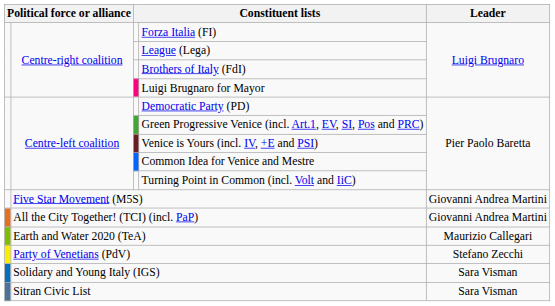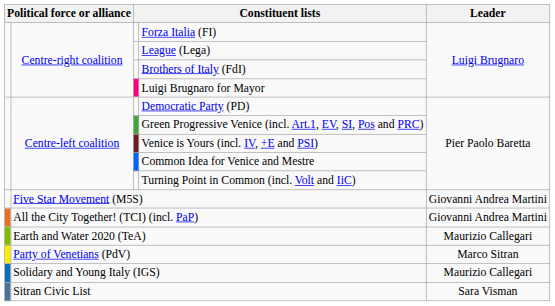 <table class=wikitable style=text-align:left>
 <tr>
 <th colspan=2>Political force or alliance</th>
 <th colspan=2>Constituent lists</th>
 <th>Leader</th>
 </tr>
 <tr>
 <td rowspan="4" style="background:"></td>
 <td rowspan=4 style="text-align:center;"><a href='#'>Centre-right coalition</a></td>
 <td></td>
 <td style="text-align:left;"><a href='#'>Forza Italia</a> (FI)</td>
 <td rowspan="4" style="text-align:center;"><a href='#'>Luigi Brugnaro</a></td>
 </tr>
 <tr>
 <td></td>
 <td style="text-align:left;"><a href='#'>League</a> (Lega)</td>
 </tr>
 <tr>
 <td></td>
 <td style="text-align:left;"><a href='#'>Brothers of Italy</a> (FdI)</td>
 </tr>
 <tr>
 <td bgcolor="#FE007F"></td>
 <td style="text-align:left;">Luigi Brugnaro for Mayor</td>
 </tr>
 <tr>
 <td rowspan="5" style="background-color:"></td>
 <td rowspan=5 style="text-align:center;"><a href='#'>Centre-left coalition</a></td>
 <td></td>
 <td style="text-align:left;"><a href='#'>Democratic Party</a> (PD)</td>
 <td rowspan=5 style="text-align:center;">Pier Paolo Baretta</td>
 </tr>
 <tr>
 <td bgcolor="#44A438"></td>
 <td style="text-align:left;">Green Progressive Venice (incl. <a href='#'>Art.1</a>, <a href='#'>EV</a>, <a href='#'>SI</a>, <a href='#'>Pos</a> and <a href='#'>PRC</a>)</td>
 </tr>
 <tr>
 <td bgcolor="6B1C23"></td>
 <td style="text-align:left;">Venice is Yours (incl. <a href='#'>IV</a>, <a href='#'>+E</a> and <a href='#'>PSI</a>)</td>
 </tr>
 <tr>
 <td bgcolor="#0264FD"></td>
 <td style="text-align:left;">Common Idea for Venice and Mestre</td>
 </tr>
 <tr>
 <td></td>
 <td style="text-align:left;">Turning Point in Common (incl. <a href='#'>Volt</a> and <a href='#'>IiC</a>)</td>
 </tr>
 <tr>
 <td style="background-color:"></td>
 <td colspan="3"><a href='#'>Five Star Movement</a> (M5S)</td>
 <td style="text-align:center;">Giovanni Andrea Martini</td>
 </tr>
 <tr>
 <td style="background-color:#E57022"></td>
 <td colspan="3">All the City Together! (TCI) (incl. <a href='#'>PaP</a>)</td>
 <td style="text-align:center;">Giovanni Andrea Martini</td>
 </tr>
 <tr>
 <td style="background-color:#80BC00"></td>
 <td colspan="3">Earth and Water 2020 (TeA)</td>
 <td style="text-align:center;">Maurizio Callegari</td>
 </tr>
 <tr>
 <td style="background-color:#FAED00"></td>
 <td colspan="3"><a href='#'>Party of Venetians</a> (PdV)</td>
-<td style="text-align:center;">Stefano Zecchi</td>
+<td style="text-align:center;">Marco Sitran</td>
 </tr>
 <tr>
 <td style="background-color:#0A6FB7"></td>
 <td colspan="3">Solidary and Young Italy (IGS)</td>
-<td style="text-align:center;">Sara Visman</td>
+<td style="text-align:center;">Maurizio Callegari</td>
 </tr>
 <tr>
 <td style="background-color:#4B7299"></td>
 <td colspan="3">Sitran Civic List</td>
 <td style="text-align:center;">Sara Visman</td>
 </tr>
 </table>
